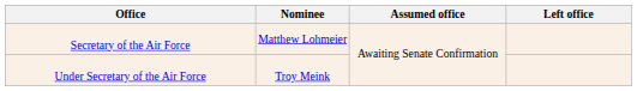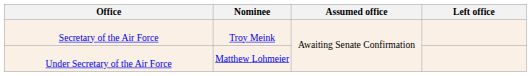 <table class="wikitable sortable" style="text-align:center">
 <tr>
 <th style="width:40%;">Office</th>
 <th style="width:15%;">Nominee</th>
 <th style="width:25%;" data-sort- type="date">Assumed office</th>
 <th style="width:20%;" data-sort- type="date">Left office</th>
 </tr>
 <tr style="background:linen">
 <td><br><a href='#'>Secretary of the Air Force</a></td>
-<td><a href='#'>Matthew Lohmeier</a></td>
+<td><br><a href='#'>Troy Meink</a></td>
 <td rowspan="2">Awaiting Senate Confirmation</td>
 <td></td>
 </tr>
 <tr style="background:linen">
 <td><br><a href='#'>Under Secretary of the Air Force</a></td>
-<td><br><a href='#'>Troy Meink</a></td>
+<td><a href='#'>Matthew Lohmeier</a></td>
 <td></td>
 </tr>
 </table>
